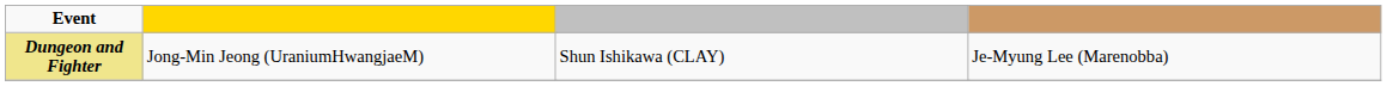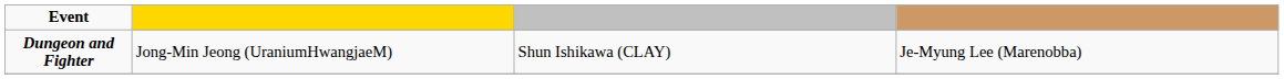 <table class="wikitable" width=100%>
 <tr>
 <td style="text-align:center"  width=10%><strong>Event</strong></td>
 <td colspan="2" style="text-align:center" bgcolor="gold" width=30%></td>
 <td colspan="2" style="text-align:center" bgcolor="silver" width=30%></td>
 <td colspan="2" style="text-align:center" bgcolor="CC9966" width=30%></td>
 </tr>
 <tr>
-<td style="background: khaki; text-align:center"><strong><em>Dungeon and Fighter</em></strong></td>
+<td style="text-align:center"><strong><em>Dungeon and Fighter</em></strong></td>
 <td colspan="2"> Jong-Min Jeong (UraniumHwangjaeM)</td>
 <td colspan="2"> Shun Ishikawa (CLAY)</td>
 <td colspan="2"> Je-Myung Lee (Marenobba)</td>
 </tr>
 <tr>
 </tr>
 </table>
